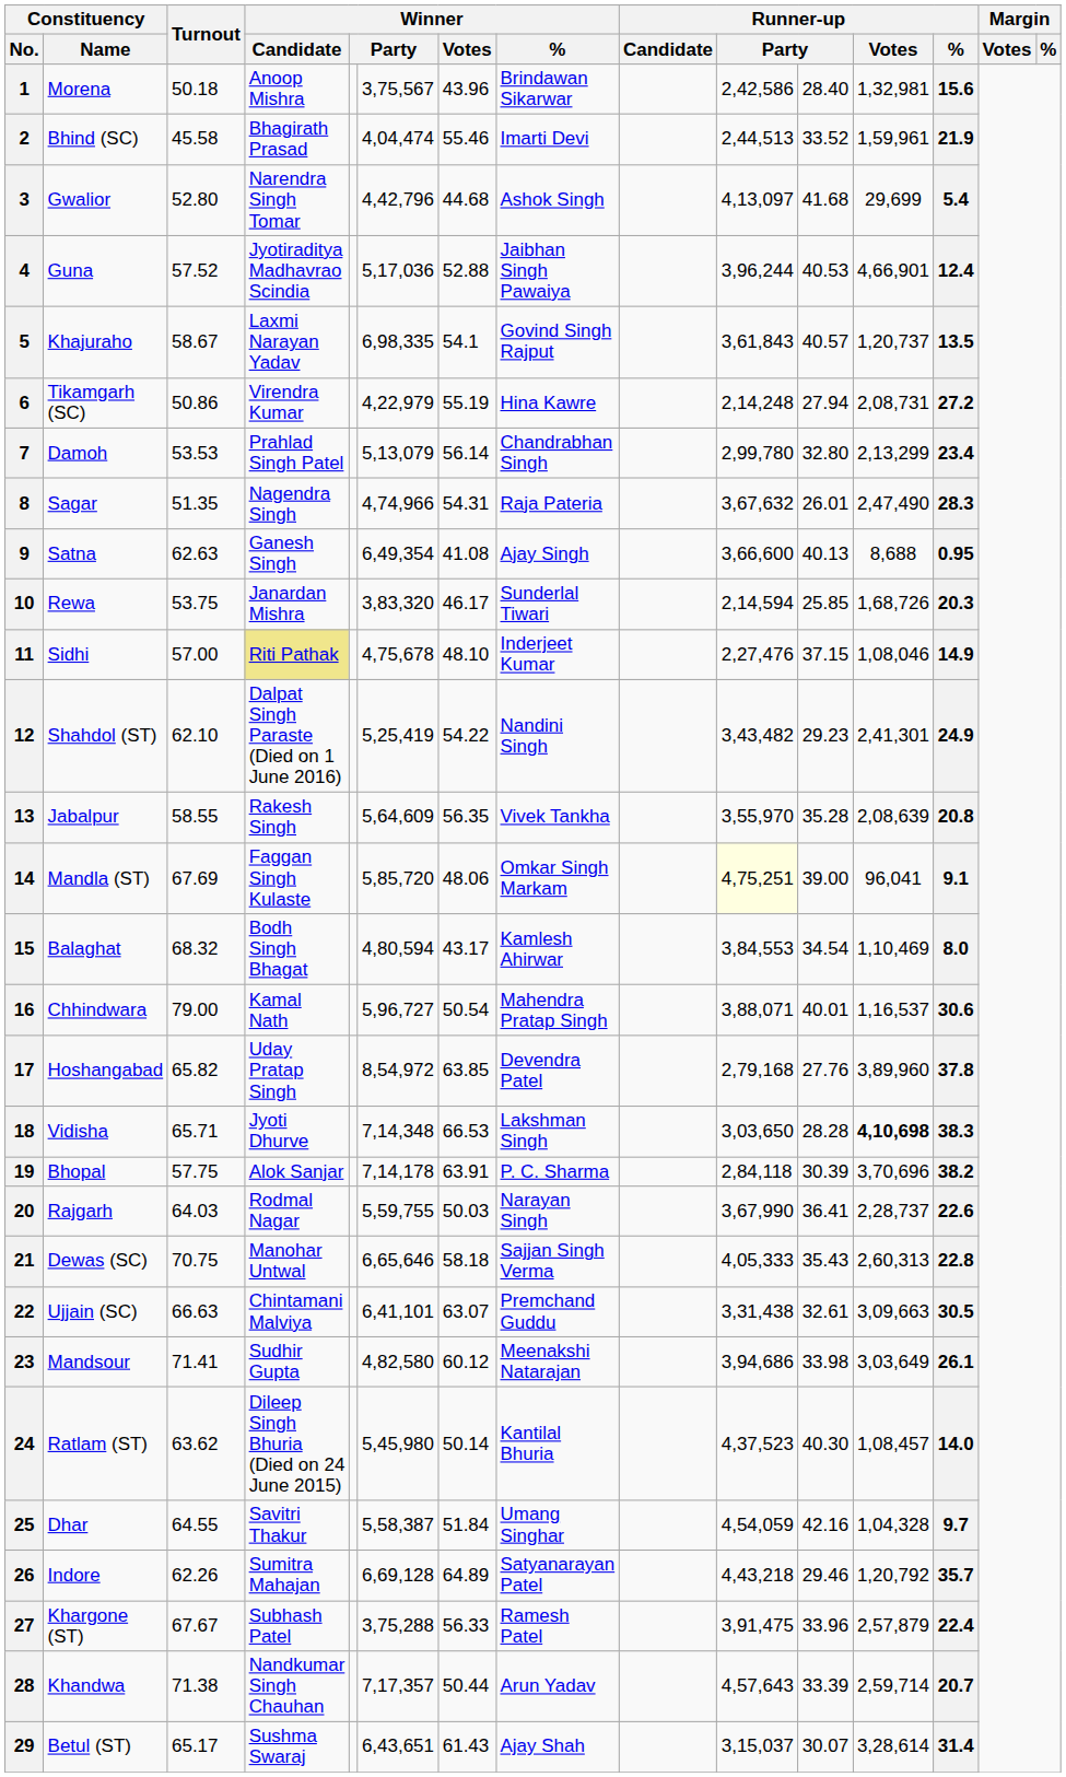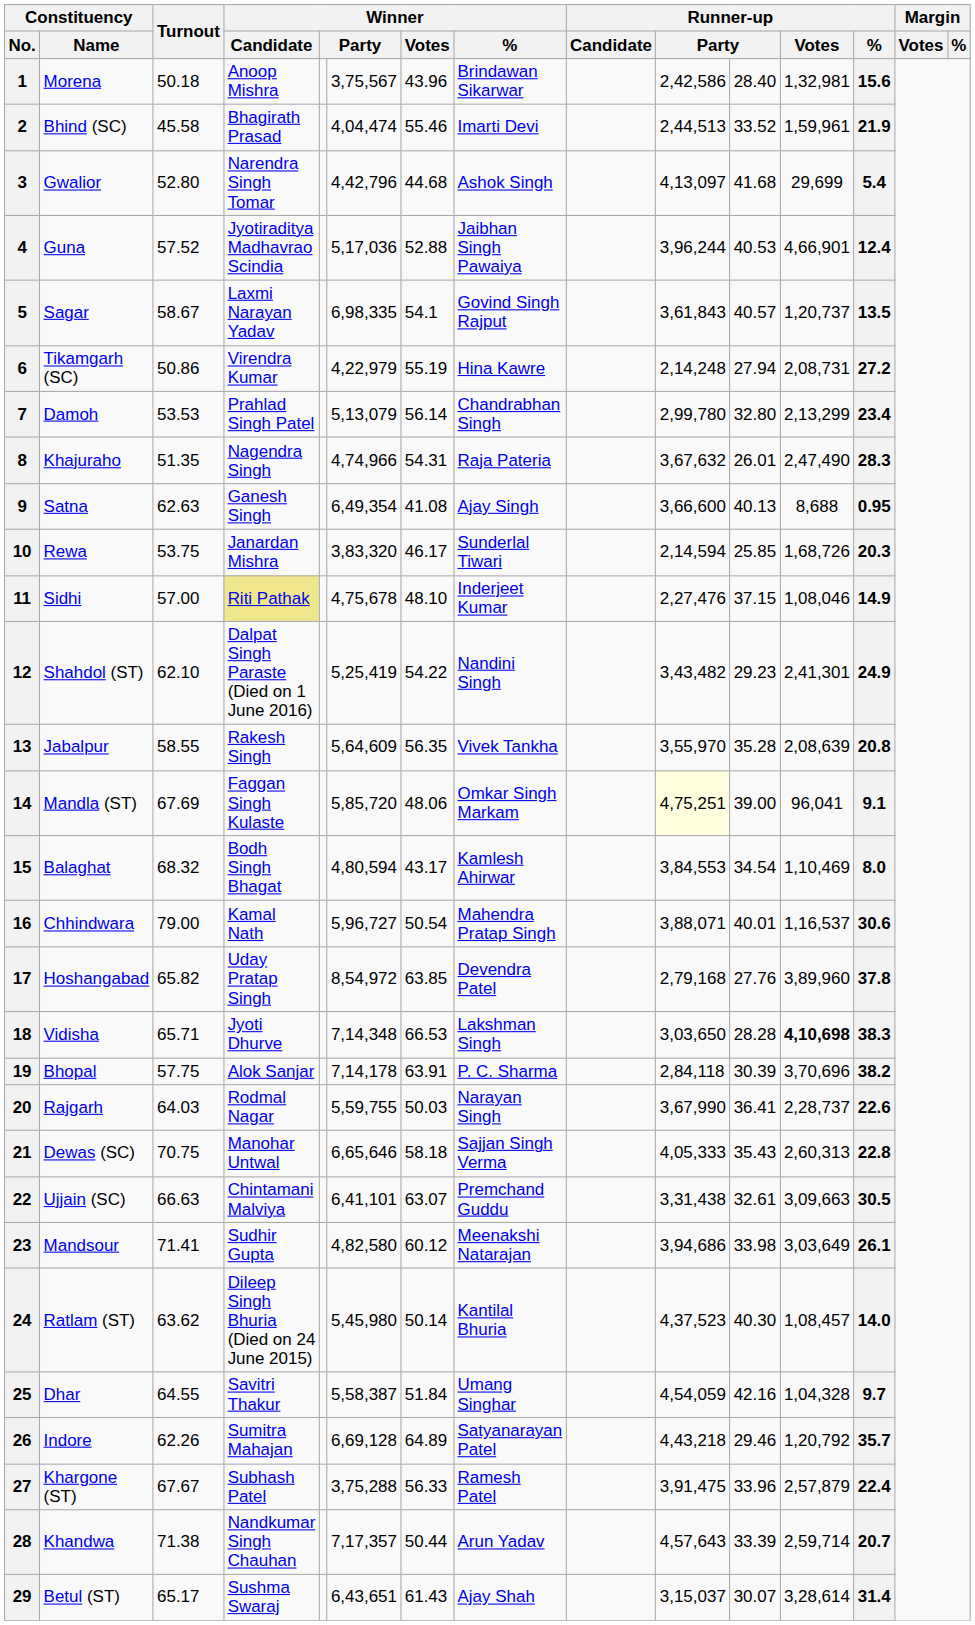 <table class="wikitable sortable">
 <tr>
 <th colspan="2">Constituency</th>
 <th rowspan="2">Turnout</th>
 <th colspan="5">Winner</th>
 <th colspan="5">Runner-up</th>
 <th colspan="2">Margin</th>
 </tr>
 <tr>
 <th>No.</th>
 <th>Name</th>
 <th>Candidate</th>
 <th colspan="2">Party</th>
 <th>Votes</th>
 <th>%</th>
 <th>Candidate</th>
 <th colspan="2">Party</th>
 <th>Votes</th>
 <th>%</th>
 <th>Votes</th>
 <th>%</th>
 </tr>
 <tr>
 <th>1</th>
 <td><a href='#'>Morena</a></td>
 <td>50.18 </td>
 <td><a href='#'>Anoop Mishra</a></td>
 <td></td>
 <td>3,75,567</td>
 <td>43.96</td>
 <td><a href='#'>Brindawan Sikarwar</a></td>
 <td></td>
 <td>2,42,586</td>
 <td>28.40</td>
 <td style="text-align:center;background:">1,32,981</td>
 <th>15.6</th>
 </tr>
 <tr>
 <th>2</th>
 <td><a href='#'>Bhind</a> (SC)</td>
 <td>45.58 </td>
 <td><a href='#'>Bhagirath Prasad</a></td>
 <td></td>
 <td>4,04,474</td>
 <td>55.46</td>
 <td><a href='#'>Imarti Devi</a></td>
 <td></td>
 <td>2,44,513</td>
 <td>33.52</td>
 <td style="text-align:center;background:">1,59,961</td>
 <th>21.9</th>
 </tr>
 <tr>
 <th>3</th>
 <td><a href='#'>Gwalior</a></td>
 <td>52.80 </td>
 <td><a href='#'>Narendra Singh Tomar</a></td>
 <td></td>
 <td>4,42,796</td>
 <td>44.68</td>
 <td><a href='#'>Ashok Singh</a></td>
 <td></td>
 <td>4,13,097</td>
 <td>41.68</td>
 <td style="text-align:center;background:">29,699</td>
 <th>5.4</th>
 </tr>
 <tr>
 <th>4</th>
 <td><a href='#'>Guna</a></td>
 <td>57.52 </td>
 <td><a href='#'>Jyotiraditya Madhavrao Scindia</a></td>
 <td></td>
 <td>5,17,036</td>
 <td>52.88</td>
 <td><a href='#'>Jaibhan Singh Pawaiya</a></td>
 <td></td>
 <td>3,96,244</td>
 <td>40.53</td>
 <td style="text-align:center;background:">4,66,901</td>
 <th>12.4</th>
 </tr>
 <tr>
 <th>5</th>
-<td><a href='#'>Khajuraho</a></td>
+<td><a href='#'>Sagar</a></td>
 <td>58.67 </td>
 <td><a href='#'>Laxmi Narayan Yadav</a></td>
 <td></td>
 <td>6,98,335</td>
 <td>54.1</td>
 <td><a href='#'>Govind Singh Rajput</a></td>
 <td></td>
 <td>3,61,843</td>
 <td>40.57</td>
 <td style="text-align:center;background:">1,20,737</td>
 <th>13.5</th>
 </tr>
 <tr>
 <th>6</th>
 <td><a href='#'>Tikamgarh</a> (SC)</td>
 <td>50.86 </td>
 <td><a href='#'>Virendra Kumar</a></td>
 <td></td>
 <td>4,22,979</td>
 <td>55.19</td>
 <td><a href='#'>Hina Kawre</a></td>
 <td></td>
 <td>2,14,248</td>
 <td>27.94</td>
 <td style="text-align:center;background:">2,08,731</td>
 <th>27.2</th>
 </tr>
 <tr>
 <th>7</th>
 <td><a href='#'>Damoh</a></td>
 <td>53.53 </td>
 <td><a href='#'>Prahlad Singh Patel</a></td>
 <td></td>
 <td>5,13,079</td>
 <td>56.14</td>
 <td><a href='#'>Chandrabhan Singh</a></td>
 <td></td>
 <td>2,99,780</td>
 <td>32.80</td>
 <td style="text-align:center;background:">2,13,299</td>
 <th>23.4</th>
 </tr>
 <tr>
 <th>8</th>
-<td><a href='#'>Sagar</a></td>
+<td><a href='#'>Khajuraho</a></td>
 <td>51.35 </td>
 <td><a href='#'>Nagendra Singh</a></td>
 <td></td>
 <td>4,74,966</td>
 <td>54.31</td>
 <td><a href='#'>Raja Pateria</a></td>
 <td></td>
 <td>3,67,632</td>
 <td>26.01</td>
 <td style="text-align:center;background:">2,47,490</td>
 <th>28.3</th>
 </tr>
 <tr>
 <th>9</th>
 <td><a href='#'>Satna</a></td>
 <td>62.63 </td>
 <td><a href='#'>Ganesh Singh</a></td>
 <td></td>
 <td>6,49,354</td>
 <td>41.08</td>
 <td><a href='#'>Ajay Singh</a></td>
 <td></td>
 <td>3,66,600</td>
 <td>40.13</td>
 <td style="text-align:center;background:">8,688</td>
 <th>0.95</th>
 </tr>
 <tr>
 <th>10</th>
 <td><a href='#'>Rewa</a></td>
 <td>53.75 </td>
 <td><a href='#'>Janardan Mishra</a></td>
 <td></td>
 <td>3,83,320</td>
 <td>46.17</td>
 <td><a href='#'>Sunderlal Tiwari</a></td>
 <td></td>
 <td>2,14,594</td>
 <td>25.85</td>
 <td style="text-align:center;background:">1,68,726</td>
 <th>20.3</th>
 </tr>
 <tr>
 <th>11</th>
 <td><a href='#'>Sidhi</a></td>
 <td>57.00 </td>
 <td style="background: khaki;"><a href='#'>Riti Pathak</a></td>
 <td></td>
 <td>4,75,678</td>
 <td>48.10</td>
 <td><a href='#'>Inderjeet Kumar</a></td>
 <td></td>
 <td>2,27,476</td>
 <td>37.15</td>
 <td style="text-align:center;background:">1,08,046</td>
 <th>14.9</th>
 </tr>
 <tr>
 <th>12</th>
 <td><a href='#'>Shahdol</a> (ST)</td>
 <td>62.10 </td>
 <td><a href='#'>Dalpat Singh Paraste</a><br>(Died on 1 June 2016)</td>
 <td></td>
 <td>5,25,419</td>
 <td>54.22</td>
 <td><a href='#'>Nandini Singh</a></td>
 <td></td>
 <td>3,43,482</td>
 <td>29.23</td>
 <td style="text-align:center;background:">2,41,301</td>
 <th>24.9</th>
 </tr>
 <tr>
 <th>13</th>
 <td><a href='#'>Jabalpur</a></td>
 <td>58.55 </td>
 <td><a href='#'>Rakesh Singh</a></td>
 <td></td>
 <td>5,64,609</td>
 <td>56.35</td>
 <td><a href='#'>Vivek Tankha</a></td>
 <td></td>
 <td>3,55,970</td>
 <td>35.28</td>
 <td style="text-align:center;background:">2,08,639</td>
 <th>20.8</th>
 </tr>
 <tr>
 <th>14</th>
 <td><a href='#'>Mandla</a> (ST)</td>
 <td>67.69 </td>
 <td><a href='#'>Faggan Singh Kulaste</a></td>
 <td></td>
 <td>5,85,720</td>
 <td>48.06</td>
 <td><a href='#'>Omkar Singh Markam</a></td>
 <td></td>
 <td style="background: lightyellow;">4,75,251</td>
 <td>39.00</td>
 <td style="text-align:center;background:">96,041</td>
 <th>9.1</th>
 </tr>
 <tr>
 <th>15</th>
 <td><a href='#'>Balaghat</a></td>
 <td>68.32 </td>
 <td><a href='#'>Bodh Singh Bhagat</a></td>
 <td></td>
 <td>4,80,594</td>
 <td>43.17</td>
 <td><a href='#'>Kamlesh Ahirwar</a></td>
 <td></td>
 <td>3,84,553</td>
 <td>34.54</td>
 <td style="text-align:center;background:">1,10,469</td>
 <th>8.0</th>
 </tr>
 <tr>
 <th>16</th>
 <td><a href='#'>Chhindwara</a></td>
 <td>79.00 </td>
 <td><a href='#'>Kamal Nath</a></td>
 <td></td>
 <td>5,96,727</td>
 <td>50.54</td>
 <td><a href='#'>Mahendra Pratap Singh</a></td>
 <td></td>
 <td>3,88,071</td>
 <td>40.01</td>
 <td style="text-align:center;background:">1,16,537</td>
 <th>30.6</th>
 </tr>
 <tr>
 <th>17</th>
 <td><a href='#'>Hoshangabad</a></td>
 <td>65.82 </td>
 <td><a href='#'>Uday Pratap Singh</a></td>
 <td></td>
 <td>8,54,972</td>
 <td>63.85</td>
 <td><a href='#'>Devendra Patel</a></td>
 <td></td>
 <td>2,79,168</td>
 <td>27.76</td>
 <td style="text-align:center;background:">3,89,960</td>
 <th>37.8</th>
 </tr>
 <tr>
 <th>18</th>
 <td><a href='#'>Vidisha</a></td>
 <td>65.71 </td>
 <td><a href='#'>Jyoti Dhurve</a></td>
 <td></td>
 <td>7,14,348</td>
 <td>66.53</td>
 <td><a href='#'>Lakshman Singh</a></td>
 <td></td>
 <td>3,03,650</td>
 <td>28.28</td>
 <td style="text-align:center;background:"><strong>4,10,698</strong></td>
 <th>38.3</th>
 </tr>
 <tr>
 <th>19</th>
 <td><a href='#'>Bhopal</a></td>
 <td>57.75 </td>
 <td><a href='#'>Alok Sanjar</a></td>
 <td></td>
 <td>7,14,178</td>
 <td>63.91</td>
 <td><a href='#'>P. C. Sharma</a></td>
 <td></td>
 <td>2,84,118</td>
 <td>30.39</td>
 <td style="text-align:center;background:">3,70,696</td>
 <th>38.2</th>
 </tr>
 <tr>
 <th>20</th>
 <td><a href='#'>Rajgarh</a></td>
 <td>64.03 </td>
 <td><a href='#'>Rodmal Nagar</a></td>
 <td></td>
 <td>5,59,755</td>
 <td>50.03</td>
 <td><a href='#'>Narayan Singh</a></td>
 <td></td>
 <td>3,67,990</td>
 <td>36.41</td>
 <td style="text-align:center;background:">2,28,737</td>
 <th>22.6</th>
 </tr>
 <tr>
 <th>21</th>
 <td><a href='#'>Dewas</a> (SC)</td>
 <td>70.75 </td>
 <td><a href='#'>Manohar Untwal</a></td>
 <td></td>
 <td>6,65,646</td>
 <td>58.18</td>
 <td><a href='#'>Sajjan Singh Verma</a></td>
 <td></td>
 <td>4,05,333</td>
 <td>35.43</td>
 <td style="text-align:center;background:">2,60,313</td>
 <th>22.8</th>
 </tr>
 <tr>
 <th>22</th>
 <td><a href='#'>Ujjain</a> (SC)</td>
 <td>66.63 </td>
 <td><a href='#'>Chintamani Malviya</a></td>
 <td></td>
 <td>6,41,101</td>
 <td>63.07</td>
 <td><a href='#'>Premchand Guddu</a></td>
 <td></td>
 <td>3,31,438</td>
 <td>32.61</td>
 <td style="text-align:center;background:">3,09,663</td>
 <th>30.5</th>
 </tr>
 <tr>
 <th>23</th>
 <td><a href='#'>Mandsour</a></td>
 <td>71.41 </td>
 <td><a href='#'>Sudhir Gupta</a></td>
 <td></td>
 <td>4,82,580</td>
 <td>60.12</td>
 <td><a href='#'>Meenakshi Natarajan</a></td>
 <td></td>
 <td>3,94,686</td>
 <td>33.98</td>
 <td style="text-align:center;background:">3,03,649</td>
 <th>26.1</th>
 </tr>
 <tr>
 <th>24</th>
 <td><a href='#'>Ratlam</a> (ST)</td>
 <td>63.62 </td>
 <td><a href='#'>Dileep Singh Bhuria</a><br>(Died on 24 June 2015)</td>
 <td></td>
 <td>5,45,980</td>
 <td>50.14</td>
 <td><a href='#'>Kantilal Bhuria</a></td>
 <td></td>
 <td>4,37,523</td>
 <td>40.30</td>
 <td style="text-align:center;background:">1,08,457</td>
 <th>14.0</th>
 </tr>
 <tr>
 <th>25</th>
 <td><a href='#'>Dhar</a></td>
 <td>64.55 </td>
 <td><a href='#'>Savitri Thakur</a></td>
 <td></td>
 <td>5,58,387</td>
 <td>51.84</td>
 <td><a href='#'>Umang Singhar</a></td>
 <td></td>
 <td>4,54,059</td>
 <td>42.16</td>
 <td style="text-align:center;background:">1,04,328</td>
 <th>9.7</th>
 </tr>
 <tr>
 <th>26</th>
 <td><a href='#'>Indore</a></td>
 <td>62.26 </td>
 <td><a href='#'>Sumitra Mahajan</a></td>
 <td></td>
 <td>6,69,128</td>
 <td>64.89</td>
 <td><a href='#'>Satyanarayan Patel</a></td>
 <td></td>
 <td>4,43,218</td>
 <td>29.46</td>
 <td style="text-align:center;background:">1,20,792</td>
 <th>35.7</th>
 </tr>
 <tr>
 <th>27</th>
 <td><a href='#'>Khargone</a> (ST)</td>
 <td>67.67 </td>
 <td><a href='#'>Subhash Patel</a></td>
 <td></td>
 <td>3,75,288</td>
 <td>56.33</td>
 <td><a href='#'>Ramesh Patel</a></td>
 <td></td>
 <td>3,91,475</td>
 <td>33.96</td>
 <td style="text-align:center;background:">2,57,879</td>
 <th>22.4</th>
 </tr>
 <tr>
 <th>28</th>
 <td><a href='#'>Khandwa</a></td>
 <td>71.38 </td>
 <td><a href='#'>Nandkumar Singh Chauhan</a></td>
 <td></td>
 <td>7,17,357</td>
 <td>50.44</td>
 <td><a href='#'>Arun Yadav</a></td>
 <td></td>
 <td>4,57,643</td>
 <td>33.39</td>
 <td style="text-align:center;background:">2,59,714</td>
 <th>20.7</th>
 </tr>
 <tr>
 <th>29</th>
 <td><a href='#'>Betul</a> (ST)</td>
 <td>65.17 </td>
 <td><a href='#'>Sushma Swaraj</a></td>
 <td></td>
 <td>6,43,651</td>
 <td>61.43</td>
 <td><a href='#'>Ajay Shah</a></td>
 <td></td>
 <td>3,15,037</td>
 <td>30.07</td>
 <td style="text-align:center;background:">3,28,614</td>
 <th>31.4</th>
 </tr>
 <tr>
 </tr>
 </table>
